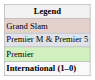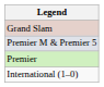 <table class="wikitable" style="font-size:90%">
 <tr>
 <th>Legend</th>
 </tr>
 <tr>
 <td bgcolor=e5d1cb>Grand Slam</td>
 </tr>
 <tr>
 <td bgcolor=dfe2e9>Premier M & Premier 5</td>
 </tr>
 <tr>
 <td bgcolor=d0f0c0>Premier</td>
 </tr>
 <tr>
-<td><strong>International (1–0)</strong></td>
+<td>International (1–0)</td>
 </tr>
 </table>
